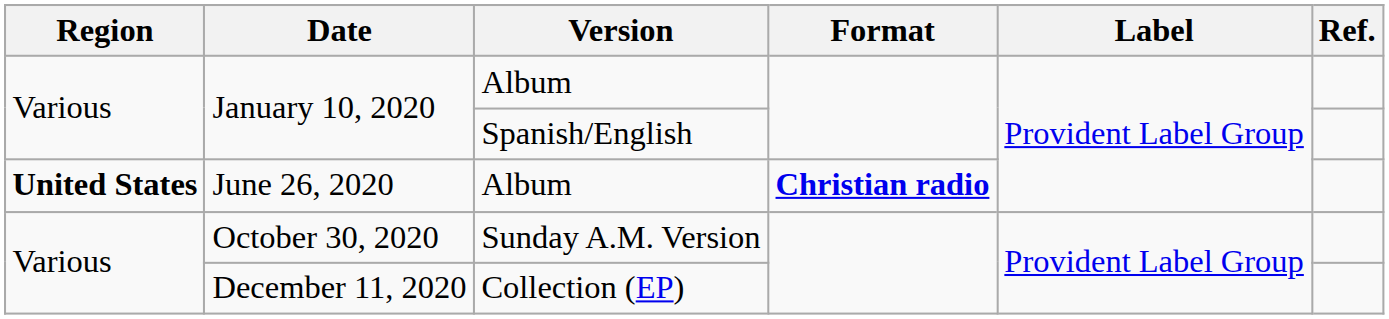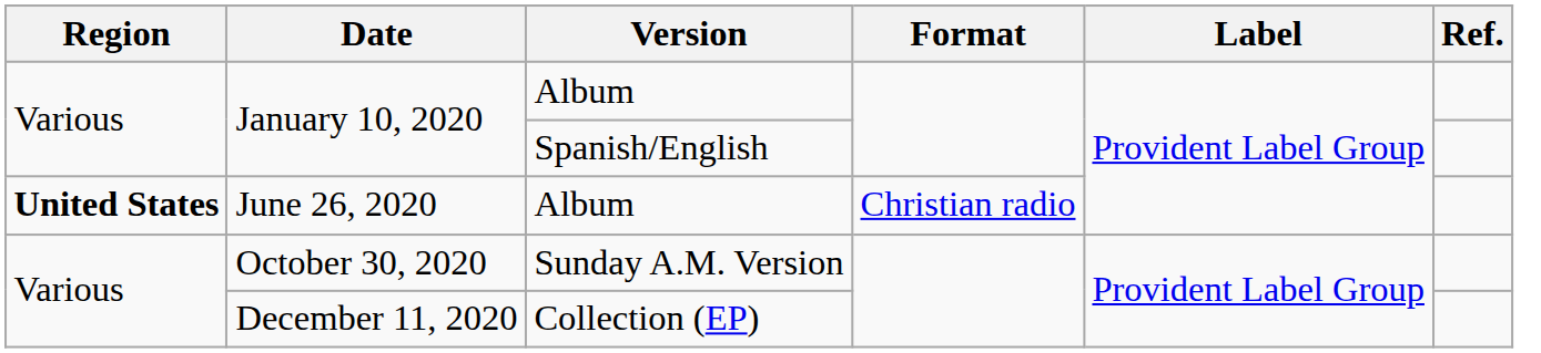 <table class="wikitable plainrowheaders">
 <tr>
 <th scope="col">Region</th>
 <th scope="col">Date</th>
 <th scope="col">Version</th>
 <th scope="col">Format</th>
 <th scope="col">Label</th>
 <th scope="col">Ref.</th>
 </tr>
 <tr>
 <td rowspan="2">Various</td>
 <td rowspan="2">January 10, 2020</td>
 <td>Album</td>
 <td rowspan="2"></td>
 <td rowspan="3"><a href='#'>Provident Label Group</a></td>
 <td></td>
 </tr>
 <tr>
 <td>Spanish/English<br></td>
 <td></td>
 </tr>
 <tr>
 <td><strong>United States</strong></td>
 <td>June 26, 2020</td>
 <td>Album</td>
-<td><strong><a href='#'>Christian radio</a></strong></td>
+<td><a href='#'>Christian radio</a></td>
 <td></td>
 </tr>
 <tr>
 <td rowspan="2">Various</td>
 <td>October 30, 2020</td>
 <td>Sunday A.M. Version<br></td>
 <td rowspan="2"></td>
 <td rowspan="2"><a href='#'>Provident Label Group</a></td>
 <td></td>
 </tr>
 <tr>
 <td>December 11, 2020</td>
 <td>Collection (<a href='#'>EP</a>)</td>
 <td></td>
 </tr>
 </table>
